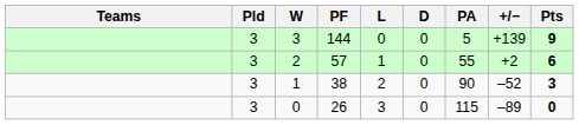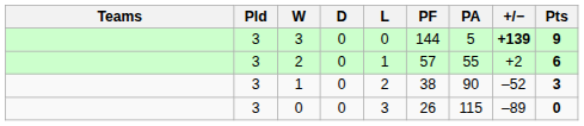 <table class="wikitable" style="text-align: center;">
 <tr>
 <th width="245">Teams</th>
 <th width="40">Pld</th>
 <th width="40">W</th>
+<th width="40">D</th>
+<th width="40">L</th>
 <th width="40">PF</th>
-<th width="40">L</th>
-<th width="40">D</th>
 <th width="40">PA</th>
 <th width="40">+/−</th>
 <th width="40">Pts</th>
 </tr>
 <tr bgcolor=ccffcc>
 <td align=left></td>
 <td>3</td>
 <td>3</td>
-<td>144</td>
 <td>0</td>
 <td>0</td>
+<td>144</td>
 <td>5</td>
-<td>+139</td>
+<td><strong>+139</strong></td>
 <td><strong>9</strong></td>
 </tr>
 <tr bgcolor=ccffcc>
 <td align=left></td>
 <td>3</td>
 <td>2</td>
+<td>0</td>
+<td>1</td>
 <td>57</td>
-<td>1</td>
-<td>0</td>
 <td>55</td>
 <td>+2</td>
 <td><strong>6</strong></td>
 </tr>
 <tr>
 <td align=left></td>
 <td>3</td>
 <td>1</td>
+<td>0</td>
+<td>2</td>
 <td>38</td>
-<td>2</td>
-<td>0</td>
 <td>90</td>
 <td>–52</td>
 <td><strong>3</strong></td>
 </tr>
 <tr>
 <td align=left></td>
 <td>3</td>
 <td>0</td>
+<td>0</td>
+<td>3</td>
 <td>26</td>
-<td>3</td>
-<td>0</td>
 <td>115</td>
 <td>–89</td>
 <td><strong>0</strong></td>
 </tr>
 </table>
